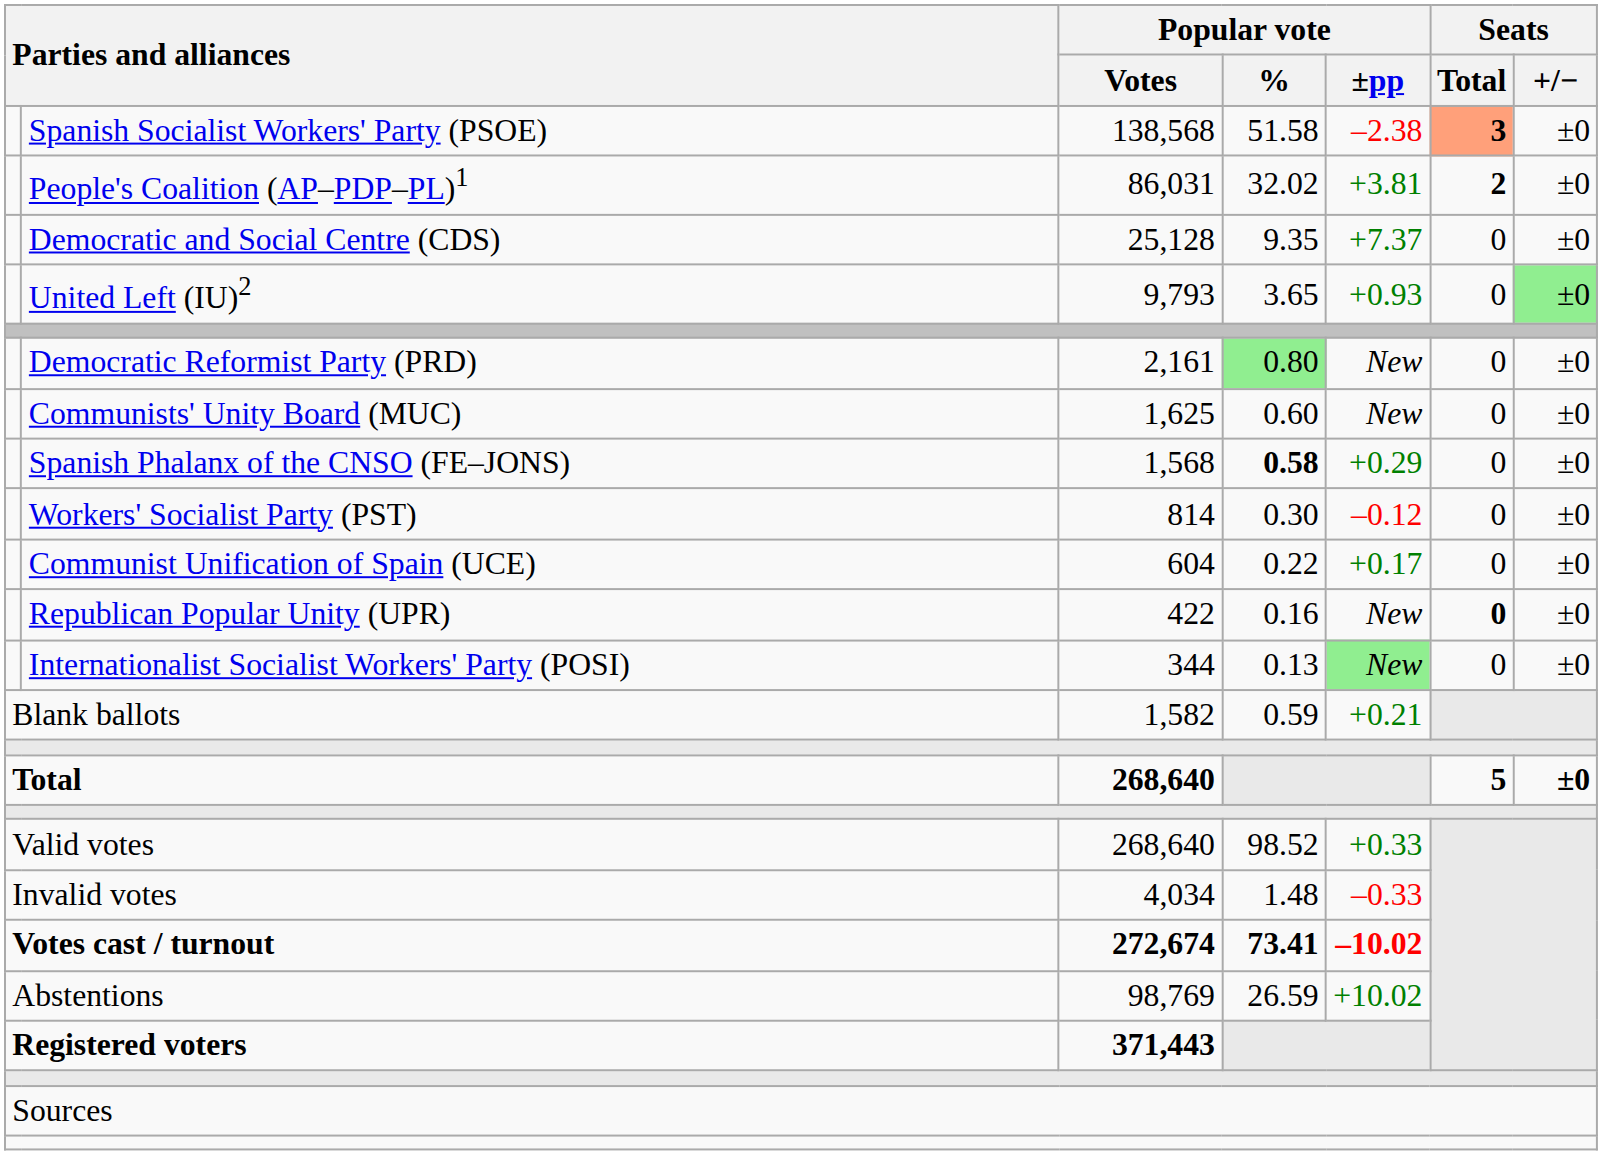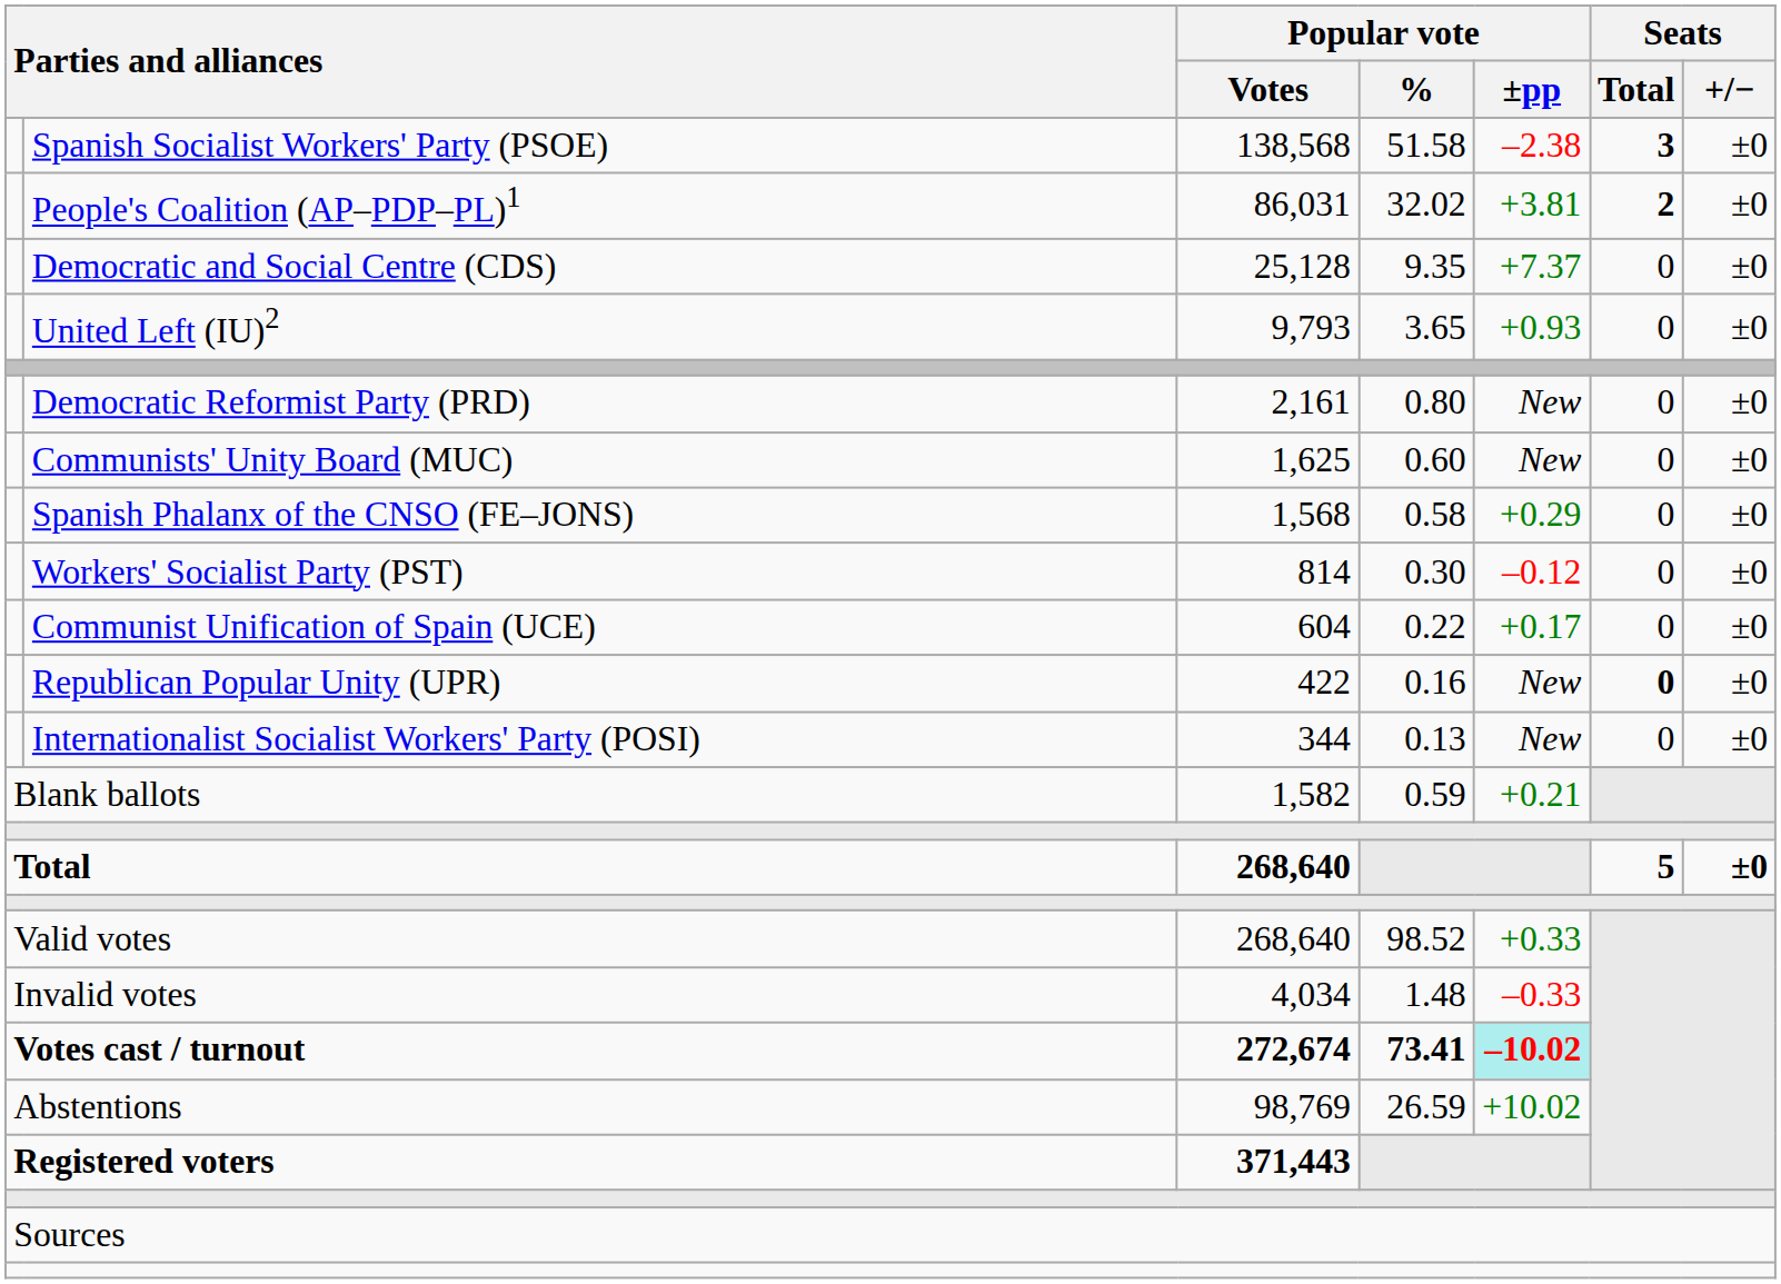 <table class="wikitable" style="text-align:right;">
 <tr>
 <th style="text-align:left;" rowspan="2" colspan="2" width="525">Parties and alliances</th>
 <th colspan="3">Popular vote</th>
 <th colspan="2">Seats</th>
 </tr>
 <tr>
 <th width="75">Votes</th>
 <th width="45">%</th>
 <th width="45">±<a href='#'>pp</a></th>
 <th width="35">Total</th>
 <th width="35">+/−</th>
 </tr>
 <tr>
 <td width="1" style="color:inherit;background:"></td>
 <td align="left"><a href='#'>Spanish Socialist Workers' Party</a> (PSOE)</td>
 <td>138,568</td>
 <td>51.58</td>
 <td style="color:red;">–2.38</td>
-<td style="background: lightsalmon;"><strong>3</strong></td>
+<td><strong>3</strong></td>
 <td>±0</td>
 </tr>
 <tr>
 <td style="color:inherit;background:"></td>
 <td align="left"><a href='#'>People's Coalition</a> (<a href='#'>AP</a>–<a href='#'>PDP</a>–<a href='#'>PL</a>)<sup>1</sup></td>
 <td>86,031</td>
 <td>32.02</td>
 <td style="color:green;">+3.81</td>
 <td><strong>2</strong></td>
 <td>±0</td>
 </tr>
 <tr>
 <td style="color:inherit;background:"></td>
 <td align="left"><a href='#'>Democratic and Social Centre</a> (CDS)</td>
 <td>25,128</td>
 <td>9.35</td>
 <td style="color:green;">+7.37</td>
 <td>0</td>
 <td>±0</td>
 </tr>
 <tr>
 <td style="color:inherit;background:"></td>
 <td align="left"><a href='#'>United Left</a> (IU)<sup>2</sup></td>
 <td>9,793</td>
 <td>3.65</td>
 <td style="color:green;">+0.93</td>
 <td>0</td>
-<td style="background: lightgreen;">±0</td>
+<td>±0</td>
 </tr>
 <tr>
 <td colspan="7" bgcolor="#C0C0C0"></td>
 </tr>
 <tr>
 <td style="color:inherit;background:"></td>
 <td align="left"><a href='#'>Democratic Reformist Party</a> (PRD)</td>
 <td>2,161</td>
-<td style="background: lightgreen;">0.80</td>
+<td>0.80</td>
 <td><em>New</em></td>
 <td>0</td>
 <td>±0</td>
 </tr>
 <tr>
 <td style="color:inherit;background:"></td>
 <td align="left"><a href='#'>Communists' Unity Board</a> (MUC)</td>
 <td>1,625</td>
 <td>0.60</td>
 <td><em>New</em></td>
 <td>0</td>
 <td>±0</td>
 </tr>
 <tr>
 <td style="color:inherit;background:"></td>
 <td align="left"><a href='#'>Spanish Phalanx of the CNSO</a> (FE–JONS)</td>
 <td>1,568</td>
-<td><strong>0.58</strong></td>
+<td>0.58</td>
 <td style="color:green;">+0.29</td>
 <td>0</td>
 <td>±0</td>
 </tr>
 <tr>
 <td style="color:inherit;background:"></td>
 <td align="left"><a href='#'>Workers' Socialist Party</a> (PST)</td>
 <td>814</td>
 <td>0.30</td>
 <td style="color:red;">–0.12</td>
 <td>0</td>
 <td>±0</td>
 </tr>
 <tr>
 <td style="color:inherit;background:"></td>
 <td align="left"><a href='#'>Communist Unification of Spain</a> (UCE)</td>
 <td>604</td>
 <td>0.22</td>
 <td style="color:green;">+0.17</td>
 <td>0</td>
 <td>±0</td>
 </tr>
 <tr>
 <td style="color:inherit;background:"></td>
 <td align="left"><a href='#'>Republican Popular Unity</a> (UPR)</td>
 <td>422</td>
 <td>0.16</td>
 <td><em>New</em></td>
 <td><strong>0</strong></td>
 <td>±0</td>
 </tr>
 <tr>
 <td style="color:inherit;background:"></td>
 <td align="left"><a href='#'>Internationalist Socialist Workers' Party</a> (POSI)</td>
 <td>344</td>
 <td>0.13</td>
-<td style="background: lightgreen;"><em>New</em></td>
+<td><em>New</em></td>
 <td>0</td>
 <td>±0</td>
 </tr>
 <tr>
 <td align="left" colspan="2">Blank ballots</td>
 <td>1,582</td>
 <td>0.59</td>
 <td style="color:green;">+0.21</td>
 <td bgcolor="#E9E9E9" colspan="2"></td>
 </tr>
 <tr>
 <td colspan="7" bgcolor="#E9E9E9"></td>
 </tr>
 <tr style="font-weight:bold;">
 <td align="left" colspan="2">Total</td>
 <td>268,640</td>
 <td bgcolor="#E9E9E9" colspan="2"></td>
 <td>5</td>
 <td>±0</td>
 </tr>
 <tr>
 <td colspan="7" bgcolor="#E9E9E9"></td>
 </tr>
 <tr>
 <td align="left" colspan="2">Valid votes</td>
 <td>268,640</td>
 <td>98.52</td>
 <td style="color:green;">+0.33</td>
 <td bgcolor="#E9E9E9" colspan="2" rowspan="5"></td>
 </tr>
 <tr>
 <td align="left" colspan="2">Invalid votes</td>
 <td>4,034</td>
 <td>1.48</td>
 <td style="color:red;">–0.33</td>
 </tr>
 <tr style="font-weight:bold;">
 <td align="left" colspan="2">Votes cast / turnout</td>
 <td>272,674</td>
 <td>73.41</td>
-<td style="color:red;">–10.02</td>
+<td style="background: paleturquoise; color:red;">–10.02</td>
 </tr>
 <tr>
 <td align="left" colspan="2">Abstentions</td>
 <td>98,769</td>
 <td>26.59</td>
 <td style="color:green;">+10.02</td>
 </tr>
 <tr style="font-weight:bold;">
 <td align="left" colspan="2">Registered voters</td>
 <td>371,443</td>
 <td bgcolor="#E9E9E9" colspan="2"></td>
 </tr>
 <tr>
 <td colspan="7" bgcolor="#E9E9E9"></td>
 </tr>
 <tr>
 <td align="left" colspan="7">Sources</td>
 </tr>
 <tr>
 <td colspan="7" style="text-align:left; max-width:790px;"></td>
 </tr>
 </table>
